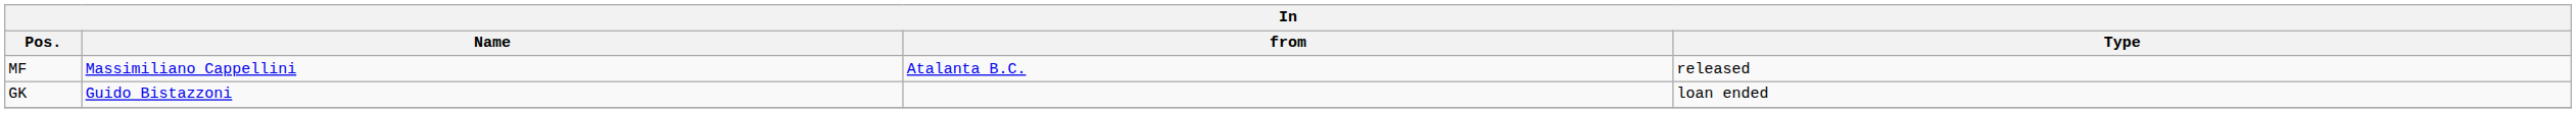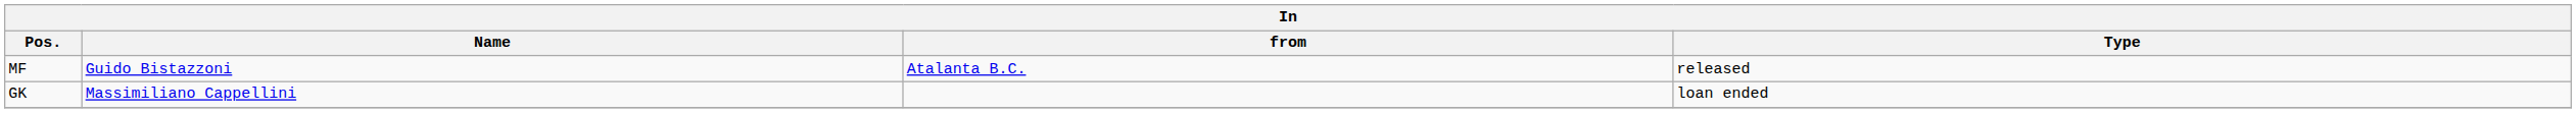 <table class="wikitable" style="font-size:90%;width:99%;">
 <tr>
 <th colspan="4">In</th>
 </tr>
 <tr>
 <th width=3%>Pos.</th>
 <th width=32%>Name</th>
 <th width=30%>from</th>
 <th width=35%>Type</th>
 </tr>
 <tr>
 <td>MF</td>
-<td><a href='#'>Massimiliano Cappellini</a></td>
+<td><a href='#'>Guido Bistazzoni</a></td>
 <td><a href='#'>Atalanta B.C.</a></td>
 <td>released</td>
 </tr>
 <tr>
 <td>GK</td>
-<td><a href='#'>Guido Bistazzoni</a></td>
+<td><a href='#'>Massimiliano Cappellini</a></td>
 <td></td>
 <td>loan ended</td>
 </tr>
 <tr>
 </tr>
 </table>
